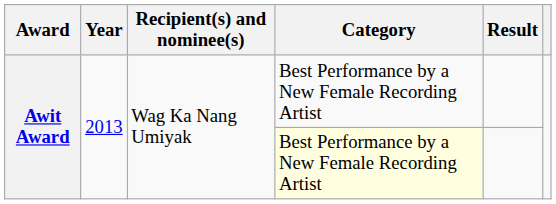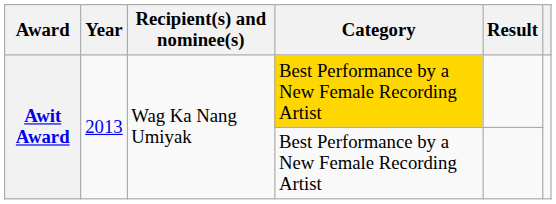 <table class="wikitable sortable plainrowheaders" style="width: 75%;">
 <tr>
 <th scope="col">Award</th>
 <th scope="col">Year</th>
 <th scope="col">Recipient(s) and nominee(s)</th>
 <th scope="col">Category</th>
 <th scope="col">Result</th>
 <th scope="col" class="unsortable"></th>
 </tr>
 <tr>
 <th rowspan="2" scope="row"><a href='#'>Awit Award</a></th>
 <td rowspan="2" scope="row"><a href='#'>2013</a></td>
 <td rowspan="2">Wag Ka Nang Umiyak</td>
-<td>Best Performance by a New Female Recording Artist</td>
+<td style="background: gold;">Best Performance by a New Female Recording Artist</td>
 <td></td>
 <td rowspan="2"></td>
 </tr>
 <tr>
-<td style="background: lightyellow;">Best Performance by a New Female Recording Artist</td>
+<td>Best Performance by a New Female Recording Artist</td>
 <td></td>
 </tr>
 </table>
